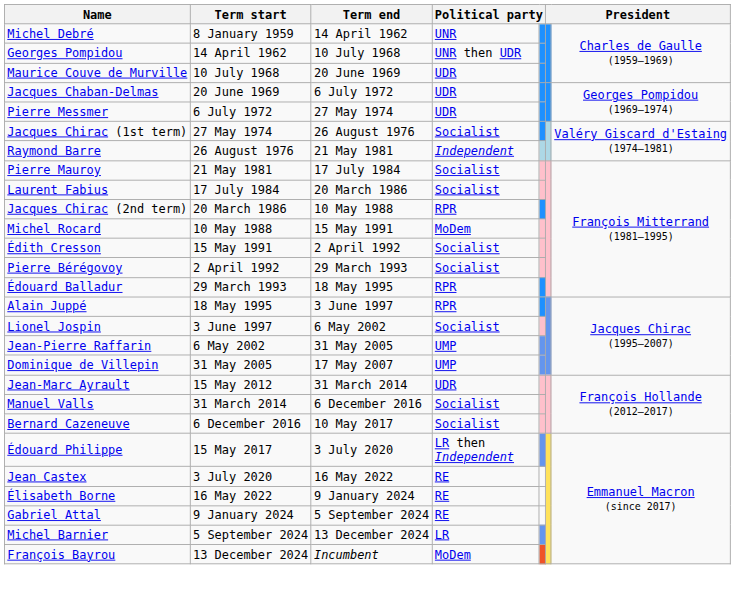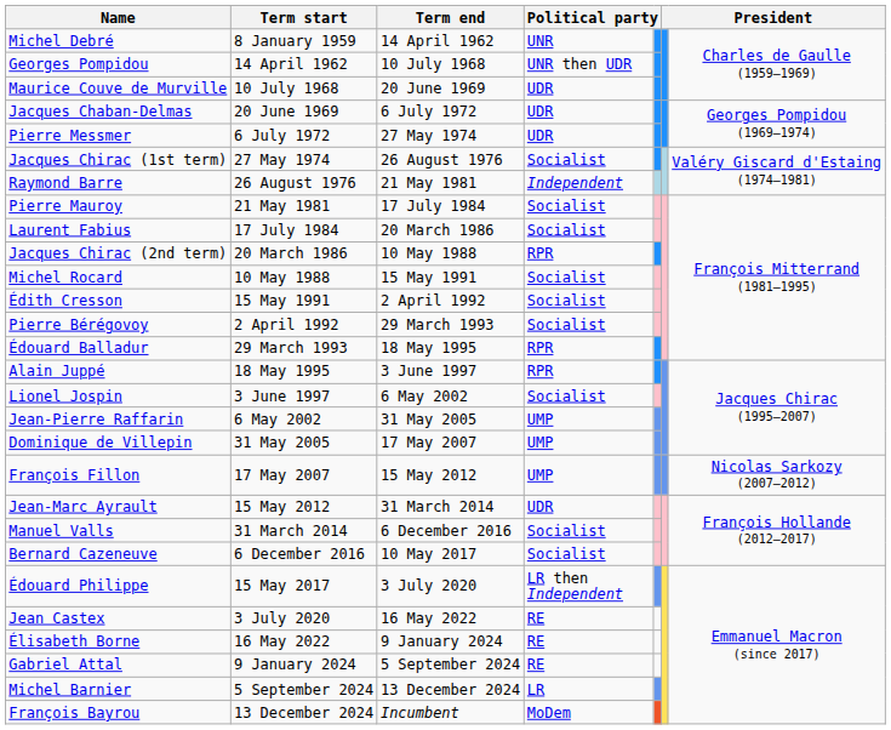 <table class="wikitable">
 <tr>
 <th>Name</th>
 <th>Term start</th>
 <th>Term end</th>
 <th colspan="2">Political party</th>
 <th colspan="2">President</th>
 </tr>
 <tr>
 <td><a href='#'>Michel Debré</a></td>
 <td>8 January 1959</td>
 <td>14 April 1962</td>
 <td><a href='#'>UNR</a></td>
 <td bgcolor=#1E90FF></td>
 <td rowspan="3" bgcolor=#1E90FF></td>
 <td align="center" rowspan="3"><a href='#'>Charles de Gaulle</a><br><small>(1959–1969)</small></td>
 </tr>
 <tr>
 <td><a href='#'>Georges Pompidou</a></td>
 <td>14 April 1962</td>
 <td>10 July 1968</td>
 <td><a href='#'>UNR</a> then <a href='#'>UDR</a></td>
 <td bgcolor=#1E90FF></td>
 </tr>
 <tr>
 <td><a href='#'>Maurice Couve de Murville</a></td>
 <td>10 July 1968</td>
 <td>20 June 1969</td>
 <td><a href='#'>UDR</a></td>
 <td bgcolor=#1E90FF></td>
 </tr>
 <tr>
 <td><a href='#'>Jacques Chaban-Delmas</a></td>
 <td>20 June 1969</td>
 <td>6 July 1972</td>
 <td><a href='#'>UDR</a></td>
 <td bgcolor=#1E90FF></td>
 <td rowspan="2" bgcolor=#1E90FF></td>
 <td align="center" rowspan="2"><a href='#'>Georges Pompidou</a><br><small>(1969–1974)</small></td>
 </tr>
 <tr>
 <td><a href='#'>Pierre Messmer</a></td>
 <td>6 July 1972</td>
 <td>27 May 1974</td>
 <td><a href='#'>UDR</a></td>
 <td bgcolor=#1E90FF></td>
 </tr>
 <tr>
 <td><a href='#'>Jacques Chirac</a> (1st term)</td>
 <td>27 May 1974</td>
 <td>26 August 1976</td>
 <td><a href='#'>Socialist</a></td>
 <td bgcolor=#1E90FF></td>
 <td rowspan="2" bgcolor=lightblue></td>
 <td align="center" rowspan="2"><a href='#'>Valéry Giscard d'Estaing</a><br><small>(1974–1981)</small></td>
 </tr>
 <tr>
 <td><a href='#'>Raymond Barre</a></td>
 <td>26 August 1976</td>
 <td>21 May 1981</td>
 <td><em><a href='#'>Independent</a></em></td>
 <td bgcolor=lightblue></td>
 </tr>
 <tr>
 <td><a href='#'>Pierre Mauroy</a></td>
 <td>21 May 1981</td>
 <td>17 July 1984</td>
 <td><a href='#'>Socialist</a></td>
 <td bgcolor=pink></td>
 <td rowspan="7" bgcolor=pink></td>
 <td align="center" rowspan="7"><a href='#'>François Mitterrand</a><br><small>(1981–1995)</small></td>
 </tr>
 <tr>
 <td><a href='#'>Laurent Fabius</a></td>
 <td>17 July 1984</td>
 <td>20 March 1986</td>
 <td><a href='#'>Socialist</a></td>
 <td bgcolor=pink></td>
 </tr>
 <tr>
 <td><a href='#'>Jacques Chirac</a> (2nd term)</td>
 <td>20 March 1986</td>
 <td>10 May 1988</td>
 <td><a href='#'>RPR</a></td>
 <td bgcolor=#1E90FF></td>
 </tr>
 <tr>
 <td><a href='#'>Michel Rocard</a></td>
 <td>10 May 1988</td>
 <td>15 May 1991</td>
-<td><a href='#'>MoDem</a></td>
+<td><a href='#'>Socialist</a></td>
 <td bgcolor=pink></td>
 </tr>
 <tr>
 <td><a href='#'>Édith Cresson</a></td>
 <td>15 May 1991</td>
 <td>2 April 1992</td>
 <td><a href='#'>Socialist</a></td>
 <td bgcolor=pink></td>
 </tr>
 <tr>
 <td><a href='#'>Pierre Bérégovoy</a></td>
 <td>2 April 1992</td>
 <td>29 March 1993</td>
 <td><a href='#'>Socialist</a></td>
 <td bgcolor=pink></td>
 </tr>
 <tr>
 <td><a href='#'>Édouard Balladur</a></td>
 <td>29 March 1993</td>
 <td>18 May 1995</td>
 <td><a href='#'>RPR</a></td>
 <td bgcolor=#1E90FF></td>
 </tr>
 <tr>
 <td><a href='#'>Alain Juppé</a></td>
 <td>18 May 1995</td>
 <td>3 June 1997</td>
 <td><a href='#'>RPR</a></td>
 <td bgcolor=#1E90FF></td>
 <td rowspan="4" bgcolor=#6495ED></td>
 <td align="center" rowspan="4"><a href='#'>Jacques Chirac</a><br><small>(1995–2007)</small></td>
 </tr>
 <tr>
 <td><a href='#'>Lionel Jospin</a></td>
 <td>3 June 1997</td>
 <td>6 May 2002</td>
 <td><a href='#'>Socialist</a></td>
 <td bgcolor=pink></td>
 </tr>
 <tr>
 <td><a href='#'>Jean-Pierre Raffarin</a></td>
 <td>6 May 2002</td>
 <td>31 May 2005</td>
 <td><a href='#'>UMP</a></td>
 <td bgcolor=#6495ED></td>
 </tr>
 <tr>
 <td><a href='#'>Dominique de Villepin</a></td>
 <td>31 May 2005</td>
 <td>17 May 2007</td>
 <td><a href='#'>UMP</a></td>
 <td bgcolor=#6495ED></td>
+</tr>
+<tr>
+<td><a href='#'>François Fillon</a></td>
+<td>17 May 2007</td>
+<td>15 May 2012</td>
+<td><a href='#'>UMP</a></td>
+<td bgcolor=#6495ED></td>
+<td bgcolor=#6495ED></td>
+<td align="center" rowspan="1"><a href='#'>Nicolas Sarkozy</a><br><small>(2007–2012)</small></td>
 </tr>
 <tr>
 <td><a href='#'>Jean-Marc Ayrault</a></td>
 <td>15 May 2012</td>
 <td>31 March 2014</td>
 <td><a href='#'>UDR</a></td>
 <td bgcolor=pink></td>
 <td rowspan="3" bgcolor=pink></td>
 <td align="center" rowspan="3"><a href='#'>François Hollande</a><br><small>(2012–2017)</small></td>
 </tr>
 <tr>
 <td><a href='#'>Manuel Valls</a></td>
 <td>31 March 2014</td>
 <td>6 December 2016</td>
 <td><a href='#'>Socialist</a></td>
 <td bgcolor=pink></td>
 </tr>
 <tr>
 <td><a href='#'>Bernard Cazeneuve</a></td>
 <td>6 December 2016</td>
 <td>10 May 2017</td>
 <td><a href='#'>Socialist</a></td>
 <td bgcolor=pink></td>
 </tr>
 <tr>
 <td><a href='#'>Édouard Philippe</a></td>
 <td>15 May 2017</td>
 <td>3 July 2020</td>
 <td><a href='#'>LR</a> then <br><em><a href='#'>Independent</a></em></td>
 <td bgcolor=#6495ED></td>
 <td rowspan="6" bgcolor="#FFE25A"></td>
 <td rowspan="6" align="center"><a href='#'>Emmanuel Macron</a><br><small>(since 2017)</small></td>
 </tr>
 <tr>
 <td><a href='#'>Jean Castex</a></td>
 <td>3 July 2020</td>
 <td>16 May 2022</td>
 <td><a href='#'>RE</a></td>
 <td style="background:"></td>
 </tr>
 <tr>
 <td><a href='#'>Élisabeth Borne</a></td>
 <td>16 May 2022</td>
 <td>9 January 2024</td>
 <td><a href='#'>RE</a></td>
 <td style="background:"></td>
 </tr>
 <tr>
 <td><a href='#'>Gabriel Attal</a></td>
 <td>9 January 2024</td>
 <td>5 September 2024</td>
 <td><a href='#'>RE</a></td>
 <td style="background:"></td>
 </tr>
 <tr>
 <td><a href='#'>Michel Barnier</a></td>
 <td>5 September 2024</td>
 <td>13 December 2024</td>
 <td><a href='#'>LR</a></td>
 <td bgcolor=#6495ED></td>
 </tr>
 <tr>
 <td><a href='#'>François Bayrou</a></td>
 <td>13 December 2024</td>
 <td><em>Incumbent</em></td>
 <td><a href='#'>MoDem</a></td>
 <td bgcolor=#EF5327></td>
 </tr>
 </table>
